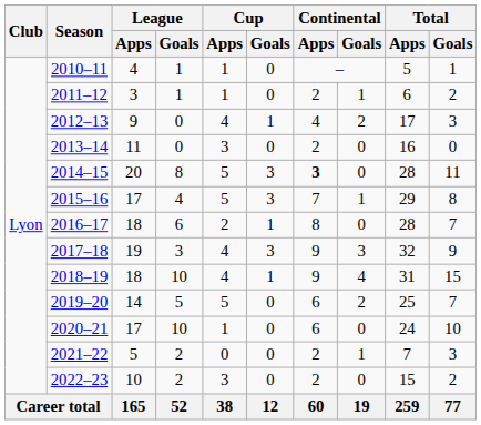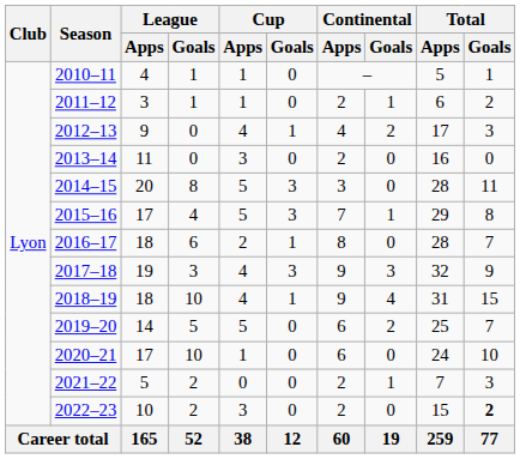 <table class="wikitable" style="text-align:center">
 <tr>
 <th rowspan="2">Club</th>
 <th rowspan="2">Season</th>
 <th colspan="2">League</th>
 <th colspan="2">Cup</th>
 <th colspan="2">Continental</th>
 <th colspan="2">Total</th>
 </tr>
 <tr>
 <th>Apps</th>
 <th>Goals</th>
 <th>Apps</th>
 <th>Goals</th>
 <th>Apps</th>
 <th>Goals</th>
 <th>Apps</th>
 <th>Goals</th>
 </tr>
 <tr>
 <td rowspan="13"><a href='#'>Lyon</a></td>
 <td><a href='#'>2010–11</a></td>
 <td>4</td>
 <td>1</td>
 <td>1</td>
 <td>0</td>
 <td colspan="2">–</td>
 <td>5</td>
 <td>1</td>
 </tr>
 <tr>
 <td><a href='#'>2011–12</a></td>
 <td>3</td>
 <td>1</td>
 <td>1</td>
 <td>0</td>
 <td>2</td>
 <td>1</td>
 <td>6</td>
 <td>2</td>
 </tr>
 <tr>
 <td><a href='#'>2012–13</a></td>
 <td>9</td>
 <td>0</td>
 <td>4</td>
 <td>1</td>
 <td>4</td>
 <td>2</td>
 <td>17</td>
 <td>3</td>
 </tr>
 <tr>
 <td><a href='#'>2013–14</a></td>
 <td>11</td>
 <td>0</td>
 <td>3</td>
 <td>0</td>
 <td>2</td>
 <td>0</td>
 <td>16</td>
 <td>0</td>
 </tr>
 <tr>
 <td><a href='#'>2014–15</a></td>
 <td>20</td>
 <td>8</td>
 <td>5</td>
 <td>3</td>
-<td><strong>3</strong></td>
+<td>3</td>
 <td>0</td>
 <td>28</td>
 <td>11</td>
 </tr>
 <tr>
 <td><a href='#'>2015–16</a></td>
 <td>17</td>
 <td>4</td>
 <td>5</td>
 <td>3</td>
 <td>7</td>
 <td>1</td>
 <td>29</td>
 <td>8</td>
 </tr>
 <tr>
 <td><a href='#'>2016–17</a></td>
 <td>18</td>
 <td>6</td>
 <td>2</td>
 <td>1</td>
 <td>8</td>
 <td>0</td>
 <td>28</td>
 <td>7</td>
 </tr>
 <tr>
 <td><a href='#'>2017–18</a></td>
 <td>19</td>
 <td>3</td>
 <td>4</td>
 <td>3</td>
 <td>9</td>
 <td>3</td>
 <td>32</td>
 <td>9</td>
 </tr>
 <tr>
 <td><a href='#'>2018–19</a></td>
 <td>18</td>
 <td>10</td>
 <td>4</td>
 <td>1</td>
 <td>9</td>
 <td>4</td>
 <td>31</td>
 <td>15</td>
 </tr>
 <tr>
 <td><a href='#'>2019–20</a></td>
 <td>14</td>
 <td>5</td>
 <td>5</td>
 <td>0</td>
 <td>6</td>
 <td>2</td>
 <td>25</td>
 <td>7</td>
 </tr>
 <tr>
 <td><a href='#'>2020–21</a></td>
 <td>17</td>
 <td>10</td>
 <td>1</td>
 <td>0</td>
 <td>6</td>
 <td>0</td>
 <td>24</td>
 <td>10</td>
 </tr>
 <tr>
 <td><a href='#'>2021–22</a></td>
 <td>5</td>
 <td>2</td>
 <td>0</td>
 <td>0</td>
 <td>2</td>
 <td>1</td>
 <td>7</td>
 <td>3</td>
 </tr>
 <tr>
 <td><a href='#'>2022–23</a></td>
 <td>10</td>
 <td>2</td>
 <td>3</td>
 <td>0</td>
 <td>2</td>
 <td>0</td>
 <td>15</td>
-<td>2</td>
+<td><strong>2</strong></td>
 </tr>
 <tr>
 <th colspan="2">Career total</th>
 <th><strong>165</strong></th>
 <th><strong>52</strong></th>
 <th><strong>38</strong></th>
 <th><strong>12</strong></th>
 <th><strong>60</strong></th>
 <th><strong>19</strong></th>
 <th><strong>259</strong></th>
 <th><strong>77</strong></th>
 </tr>
 </table>
